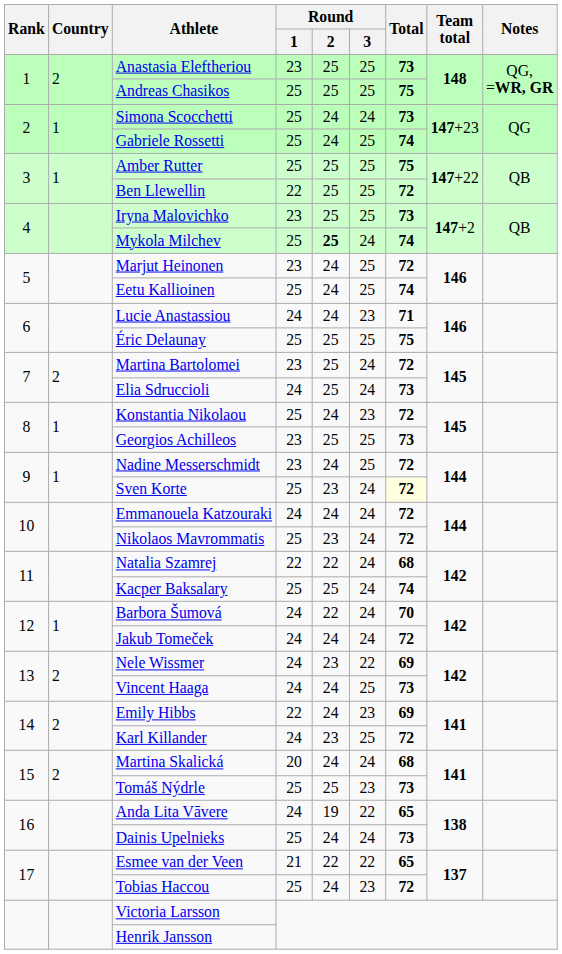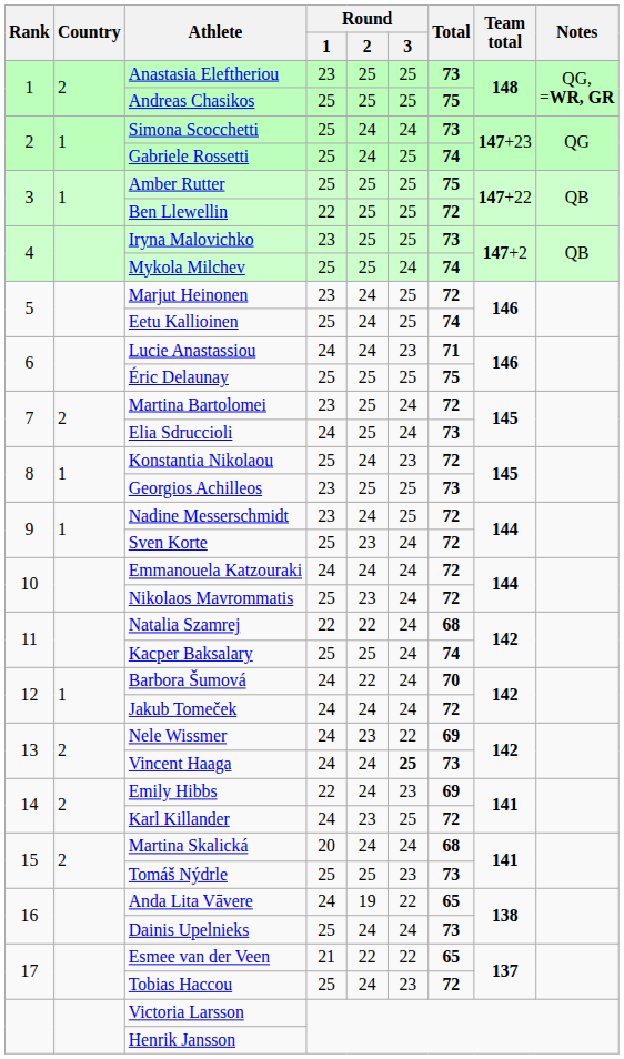 <table class="wikitable sortable" style="text-align:center">
 <tr>
 <th rowspan=2>Rank</th>
 <th rowspan=2>Country</th>
 <th rowspan=2>Athlete</th>
 <th colspan=3>Round</th>
 <th rowspan=2>Total</th>
 <th rowspan=2>Team<br>total</th>
 <th rowspan=2 class="unsortable">Notes</th>
 </tr>
 <tr>
 <th width=30px>1</th>
 <th width=30px>2</th>
 <th width=30px>3</th>
 </tr>
 <tr bgcolor=bbffbb>
 <td rowspan=2>1</td>
 <td rowspan=2 align=left> 2</td>
 <td align=left><a href='#'>Anastasia Eleftheriou</a></td>
 <td>23</td>
 <td>25</td>
 <td>25</td>
 <td><strong>73</strong></td>
 <td rowspan=2><strong>148</strong></td>
 <td rowspan=2>QG,<br>=<strong>WR, GR</strong></td>
 </tr>
 <tr bgcolor=bbffbb>
 <td align=left><a href='#'>Andreas Chasikos</a></td>
 <td>25</td>
 <td>25</td>
 <td>25</td>
 <td><strong>75</strong></td>
 </tr>
 <tr bgcolor=bbffbb>
 <td rowspan=2>2</td>
 <td rowspan=2 align=left> 1</td>
 <td align=left><a href='#'>Simona Scocchetti</a></td>
 <td>25</td>
 <td>24</td>
 <td>24</td>
 <td><strong>73</strong></td>
 <td rowspan=2><strong>147</strong>+23</td>
 <td rowspan=2>QG</td>
 </tr>
 <tr bgcolor=bbffbb>
 <td align=left><a href='#'>Gabriele Rossetti</a></td>
 <td>25</td>
 <td>24</td>
 <td>25</td>
 <td><strong>74</strong></td>
 </tr>
 <tr bgcolor=ccffcc>
 <td rowspan=2>3</td>
 <td rowspan=2 align=left> 1</td>
 <td align=left><a href='#'>Amber Rutter</a></td>
 <td>25</td>
 <td>25</td>
 <td>25</td>
 <td><strong>75</strong></td>
 <td rowspan=2><strong>147</strong>+22</td>
 <td rowspan=2>QB</td>
 </tr>
 <tr bgcolor=ccffcc>
 <td align=left><a href='#'>Ben Llewellin</a></td>
 <td>22</td>
 <td>25</td>
 <td>25</td>
 <td><strong>72</strong></td>
 </tr>
 <tr bgcolor=ccffcc>
 <td rowspan=2>4</td>
 <td rowspan=2 align=left></td>
 <td align=left><a href='#'>Iryna Malovichko</a></td>
 <td>23</td>
 <td>25</td>
 <td>25</td>
 <td><strong>73</strong></td>
 <td rowspan=2><strong>147</strong>+2</td>
 <td rowspan=2>QB</td>
 </tr>
 <tr bgcolor=ccffcc>
 <td align=left><a href='#'>Mykola Milchev</a></td>
 <td>25</td>
-<td><strong>25</strong></td>
+<td>25</td>
 <td>24</td>
 <td><strong>74</strong></td>
 </tr>
 <tr>
 <td rowspan=2>5</td>
 <td rowspan=2 align=left></td>
 <td align=left><a href='#'>Marjut Heinonen</a></td>
 <td>23</td>
 <td>24</td>
 <td>25</td>
 <td><strong>72</strong></td>
 <td rowspan=2><strong>146</strong></td>
 <td rowspan=2></td>
 </tr>
 <tr>
 <td align=left><a href='#'>Eetu Kallioinen</a></td>
 <td>25</td>
 <td>24</td>
 <td>25</td>
 <td><strong>74</strong></td>
 </tr>
 <tr>
 <td rowspan=2>6</td>
 <td rowspan=2 align=left></td>
 <td align=left><a href='#'>Lucie Anastassiou</a></td>
 <td>24</td>
 <td>24</td>
 <td>23</td>
 <td><strong>71</strong></td>
 <td rowspan=2><strong>146</strong></td>
 <td rowspan=2></td>
 </tr>
 <tr>
 <td align=left><a href='#'>Éric Delaunay</a></td>
 <td>25</td>
 <td>25</td>
 <td>25</td>
 <td><strong>75</strong></td>
 </tr>
 <tr>
 <td rowspan=2>7</td>
 <td rowspan=2 align=left> 2</td>
 <td align=left><a href='#'>Martina Bartolomei</a></td>
 <td>23</td>
 <td>25</td>
 <td>24</td>
 <td><strong>72</strong></td>
 <td rowspan=2><strong>145</strong></td>
 <td rowspan=2></td>
 </tr>
 <tr>
 <td align=left><a href='#'>Elia Sdruccioli</a></td>
 <td>24</td>
 <td>25</td>
 <td>24</td>
 <td><strong>73</strong></td>
 </tr>
 <tr>
 <td rowspan=2>8</td>
 <td rowspan=2 align=left> 1</td>
 <td align=left><a href='#'>Konstantia Nikolaou</a></td>
 <td>25</td>
 <td>24</td>
 <td>23</td>
 <td><strong>72</strong></td>
 <td rowspan=2><strong>145</strong></td>
 <td rowspan=2></td>
 </tr>
 <tr>
 <td align=left><a href='#'>Georgios Achilleos</a></td>
 <td>23</td>
 <td>25</td>
 <td>25</td>
 <td><strong>73</strong></td>
 </tr>
 <tr>
 <td rowspan=2>9</td>
 <td rowspan=2 align=left> 1</td>
 <td align=left><a href='#'>Nadine Messerschmidt</a></td>
 <td>23</td>
 <td>24</td>
 <td>25</td>
 <td><strong>72</strong></td>
 <td rowspan=2><strong>144</strong></td>
 <td rowspan=2></td>
 </tr>
 <tr>
 <td align=left><a href='#'>Sven Korte</a></td>
 <td>25</td>
 <td>23</td>
 <td>24</td>
-<td style="background: lightyellow;"><strong>72</strong></td>
+<td><strong>72</strong></td>
 </tr>
 <tr>
 <td rowspan=2>10</td>
 <td rowspan=2 align=left></td>
 <td align=left><a href='#'>Emmanouela Katzouraki</a></td>
 <td>24</td>
 <td>24</td>
 <td>24</td>
 <td><strong>72</strong></td>
 <td rowspan=2><strong>144</strong></td>
 <td rowspan=2></td>
 </tr>
 <tr>
 <td align=left><a href='#'>Nikolaos Mavrommatis</a></td>
 <td>25</td>
 <td>23</td>
 <td>24</td>
 <td><strong>72</strong></td>
 </tr>
 <tr>
 <td rowspan=2>11</td>
 <td rowspan=2 align=left></td>
 <td align=left><a href='#'>Natalia Szamrej</a></td>
 <td>22</td>
 <td>22</td>
 <td>24</td>
 <td><strong>68</strong></td>
 <td rowspan=2><strong>142</strong></td>
 <td rowspan=2></td>
 </tr>
 <tr>
 <td align=left><a href='#'>Kacper Baksalary</a></td>
 <td>25</td>
 <td>25</td>
 <td>24</td>
 <td><strong>74</strong></td>
 </tr>
 <tr>
 <td rowspan=2>12</td>
 <td rowspan=2 align=left> 1</td>
 <td align=left><a href='#'>Barbora Šumová</a></td>
 <td>24</td>
 <td>22</td>
 <td>24</td>
 <td><strong>70</strong></td>
 <td rowspan=2><strong>142</strong></td>
 <td rowspan=2></td>
 </tr>
 <tr>
 <td align=left><a href='#'>Jakub Tomeček</a></td>
 <td>24</td>
 <td>24</td>
 <td>24</td>
 <td><strong>72</strong></td>
 </tr>
 <tr>
 <td rowspan=2>13</td>
 <td rowspan=2 align=left> 2</td>
 <td align=left><a href='#'>Nele Wissmer</a></td>
 <td>24</td>
 <td>23</td>
 <td>22</td>
 <td><strong>69</strong></td>
 <td rowspan=2><strong>142</strong></td>
 <td rowspan=2></td>
 </tr>
 <tr>
 <td align=left><a href='#'>Vincent Haaga</a></td>
 <td>24</td>
 <td>24</td>
-<td>25</td>
+<td><strong>25</strong></td>
 <td><strong>73</strong></td>
 </tr>
 <tr>
 <td rowspan=2>14</td>
 <td rowspan=2 align=left> 2</td>
 <td align=left><a href='#'>Emily Hibbs</a></td>
 <td>22</td>
 <td>24</td>
 <td>23</td>
 <td><strong>69</strong></td>
 <td rowspan=2><strong>141</strong></td>
 <td rowspan=2></td>
 </tr>
 <tr>
 <td align=left><a href='#'>Karl Killander</a></td>
 <td>24</td>
 <td>23</td>
 <td>25</td>
 <td><strong>72</strong></td>
 </tr>
 <tr>
 <td rowspan=2>15</td>
 <td rowspan=2 align=left> 2</td>
 <td align=left><a href='#'>Martina Skalická</a></td>
 <td>20</td>
 <td>24</td>
 <td>24</td>
 <td><strong>68</strong></td>
 <td rowspan=2><strong>141</strong></td>
 <td rowspan=2></td>
 </tr>
 <tr>
 <td align=left><a href='#'>Tomáš Nýdrle</a></td>
 <td>25</td>
 <td>25</td>
 <td>23</td>
 <td><strong>73</strong></td>
 </tr>
 <tr>
 <td rowspan=2>16</td>
 <td rowspan=2 align=left></td>
 <td align=left><a href='#'>Anda Lita Vāvere</a></td>
 <td>24</td>
 <td>19</td>
 <td>22</td>
 <td><strong>65</strong></td>
 <td rowspan=2><strong>138</strong></td>
 <td rowspan=2></td>
 </tr>
 <tr>
 <td align=left><a href='#'>Dainis Upelnieks</a></td>
 <td>25</td>
 <td>24</td>
 <td>24</td>
 <td><strong>73</strong></td>
 </tr>
 <tr>
 <td rowspan=2>17</td>
 <td rowspan=2 align=left></td>
 <td align=left><a href='#'>Esmee van der Veen</a></td>
 <td>21</td>
 <td>22</td>
 <td>22</td>
 <td><strong>65</strong></td>
 <td rowspan=2><strong>137</strong></td>
 <td rowspan=2></td>
 </tr>
 <tr>
 <td align=left><a href='#'>Tobias Haccou</a></td>
 <td>25</td>
 <td>24</td>
 <td>23</td>
 <td><strong>72</strong></td>
 </tr>
 <tr>
 <td rowspan=2></td>
 <td rowspan=2 align=left></td>
 <td align=left><a href='#'>Victoria Larsson</a></td>
 <td colspan=6 rowspan=2></td>
 </tr>
 <tr>
 <td align=left><a href='#'>Henrik Jansson</a></td>
 </tr>
 </table>
